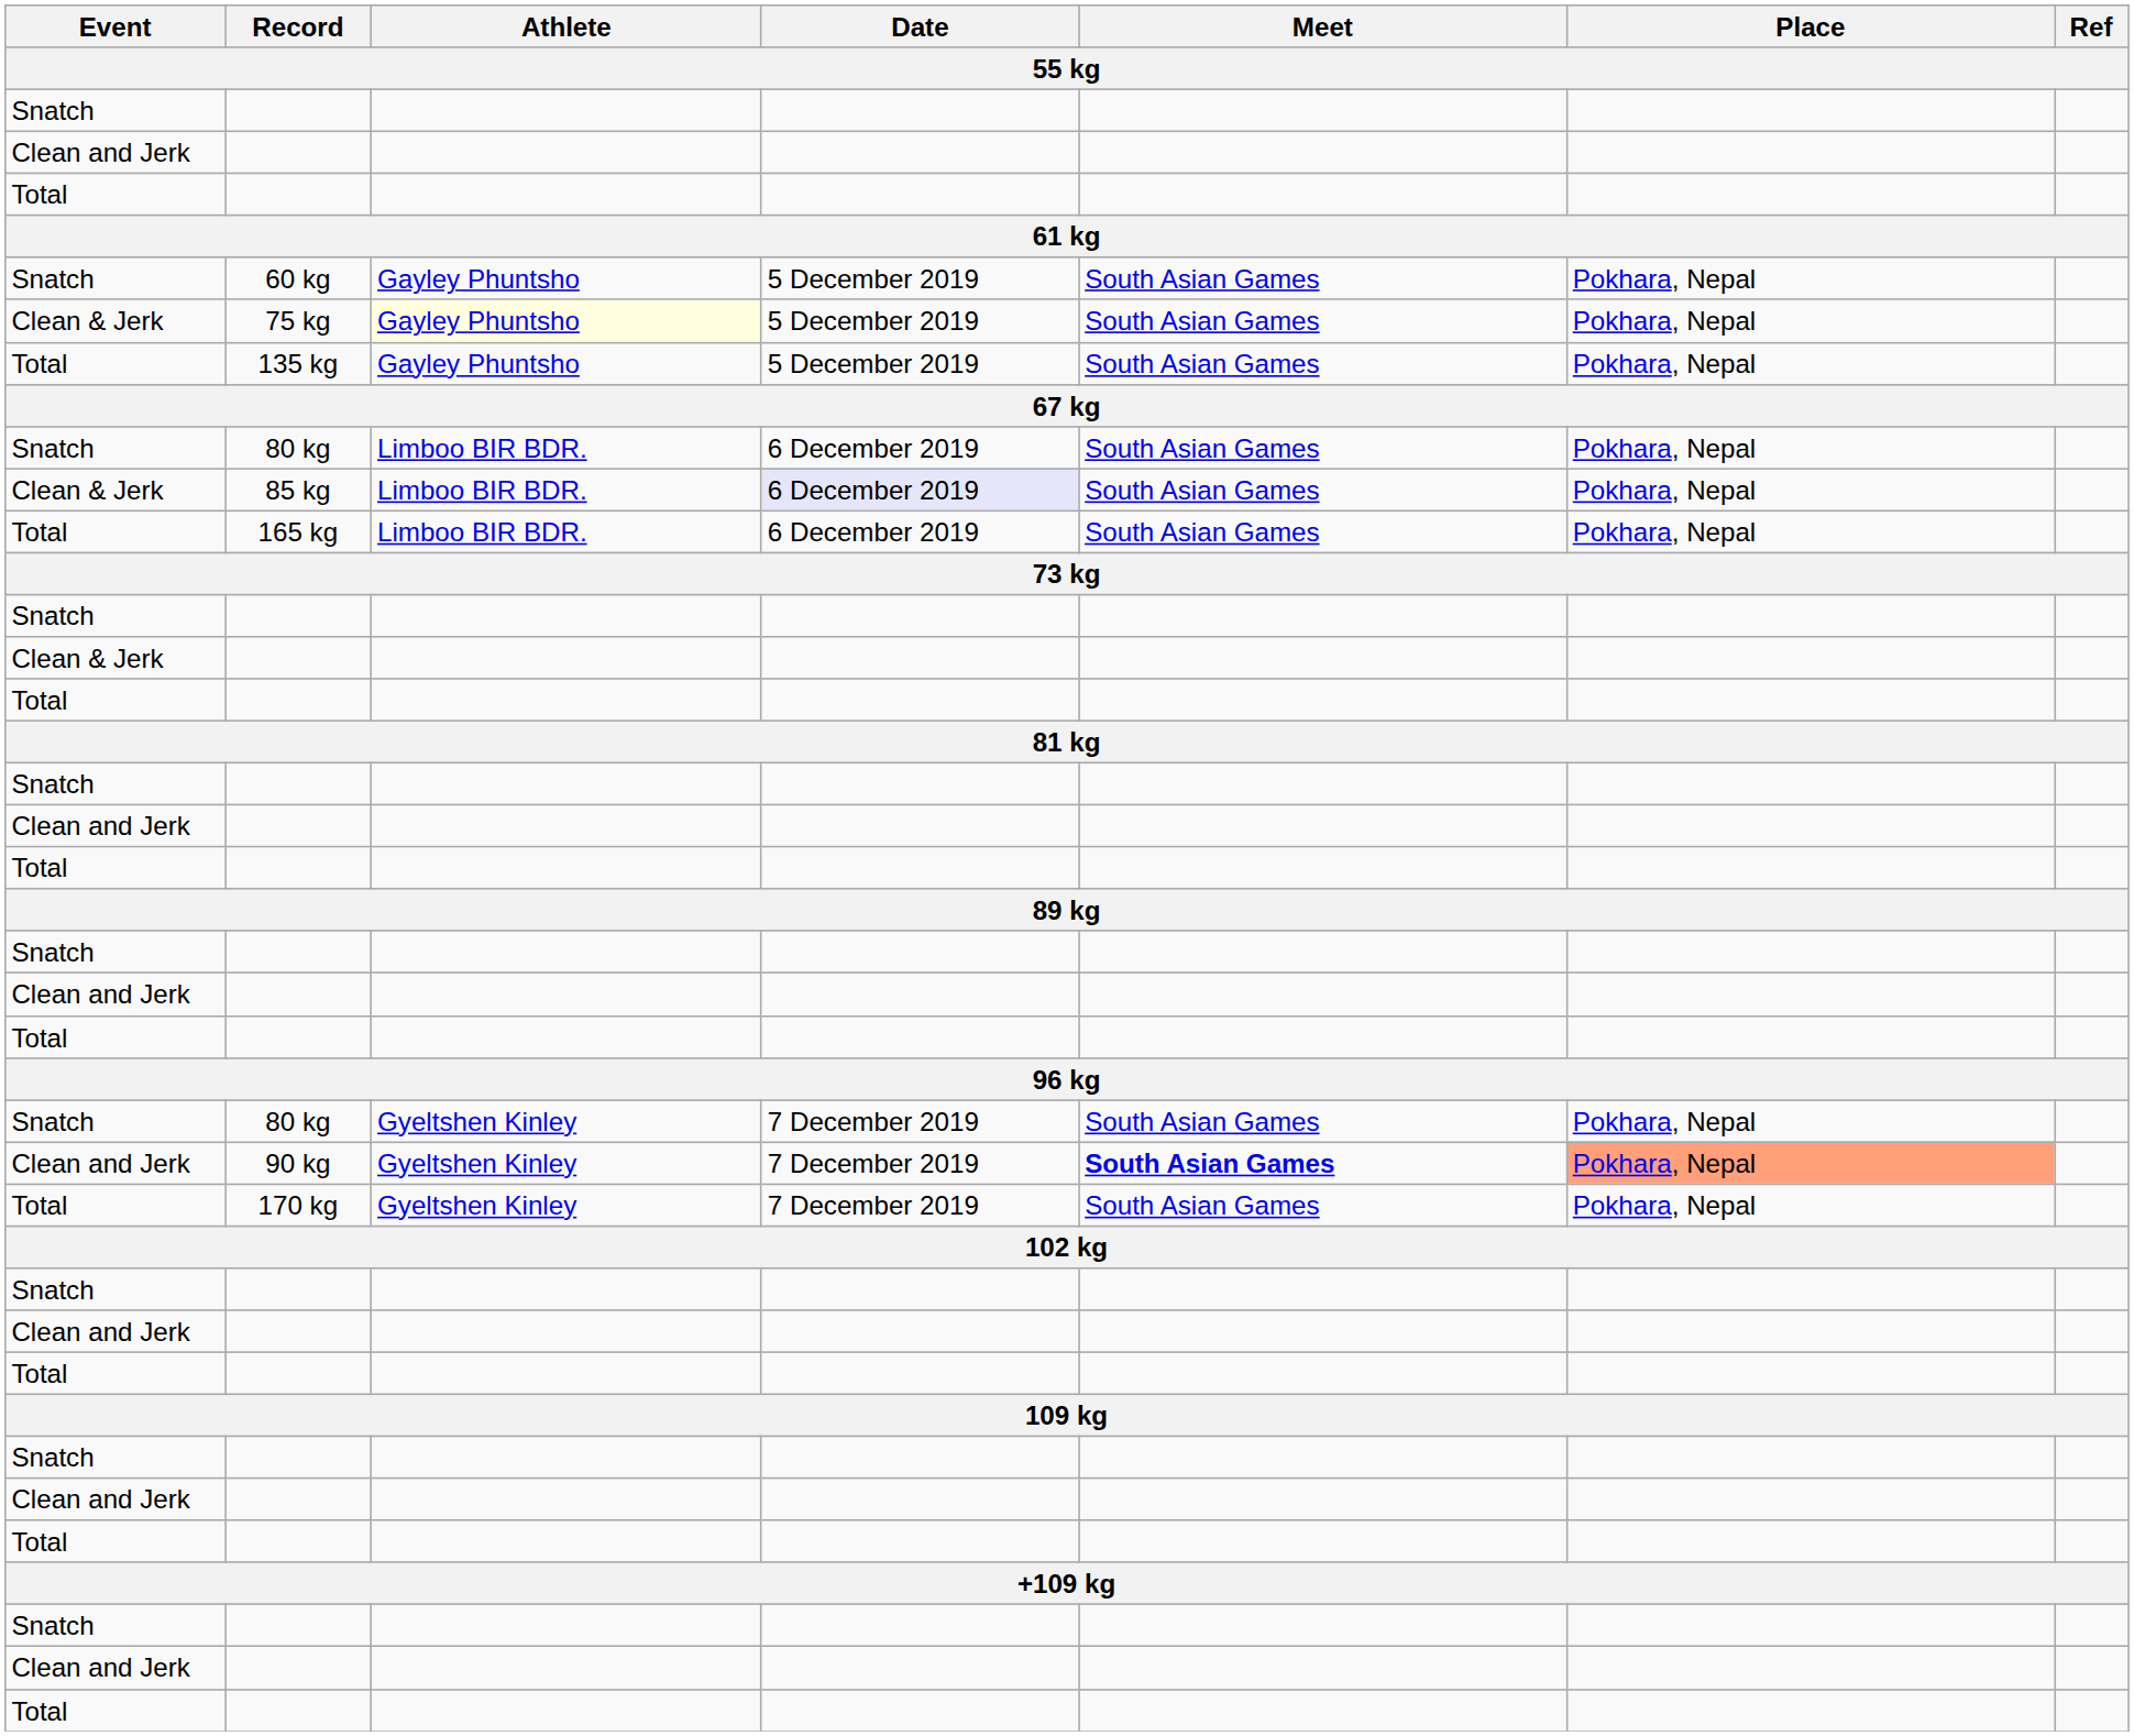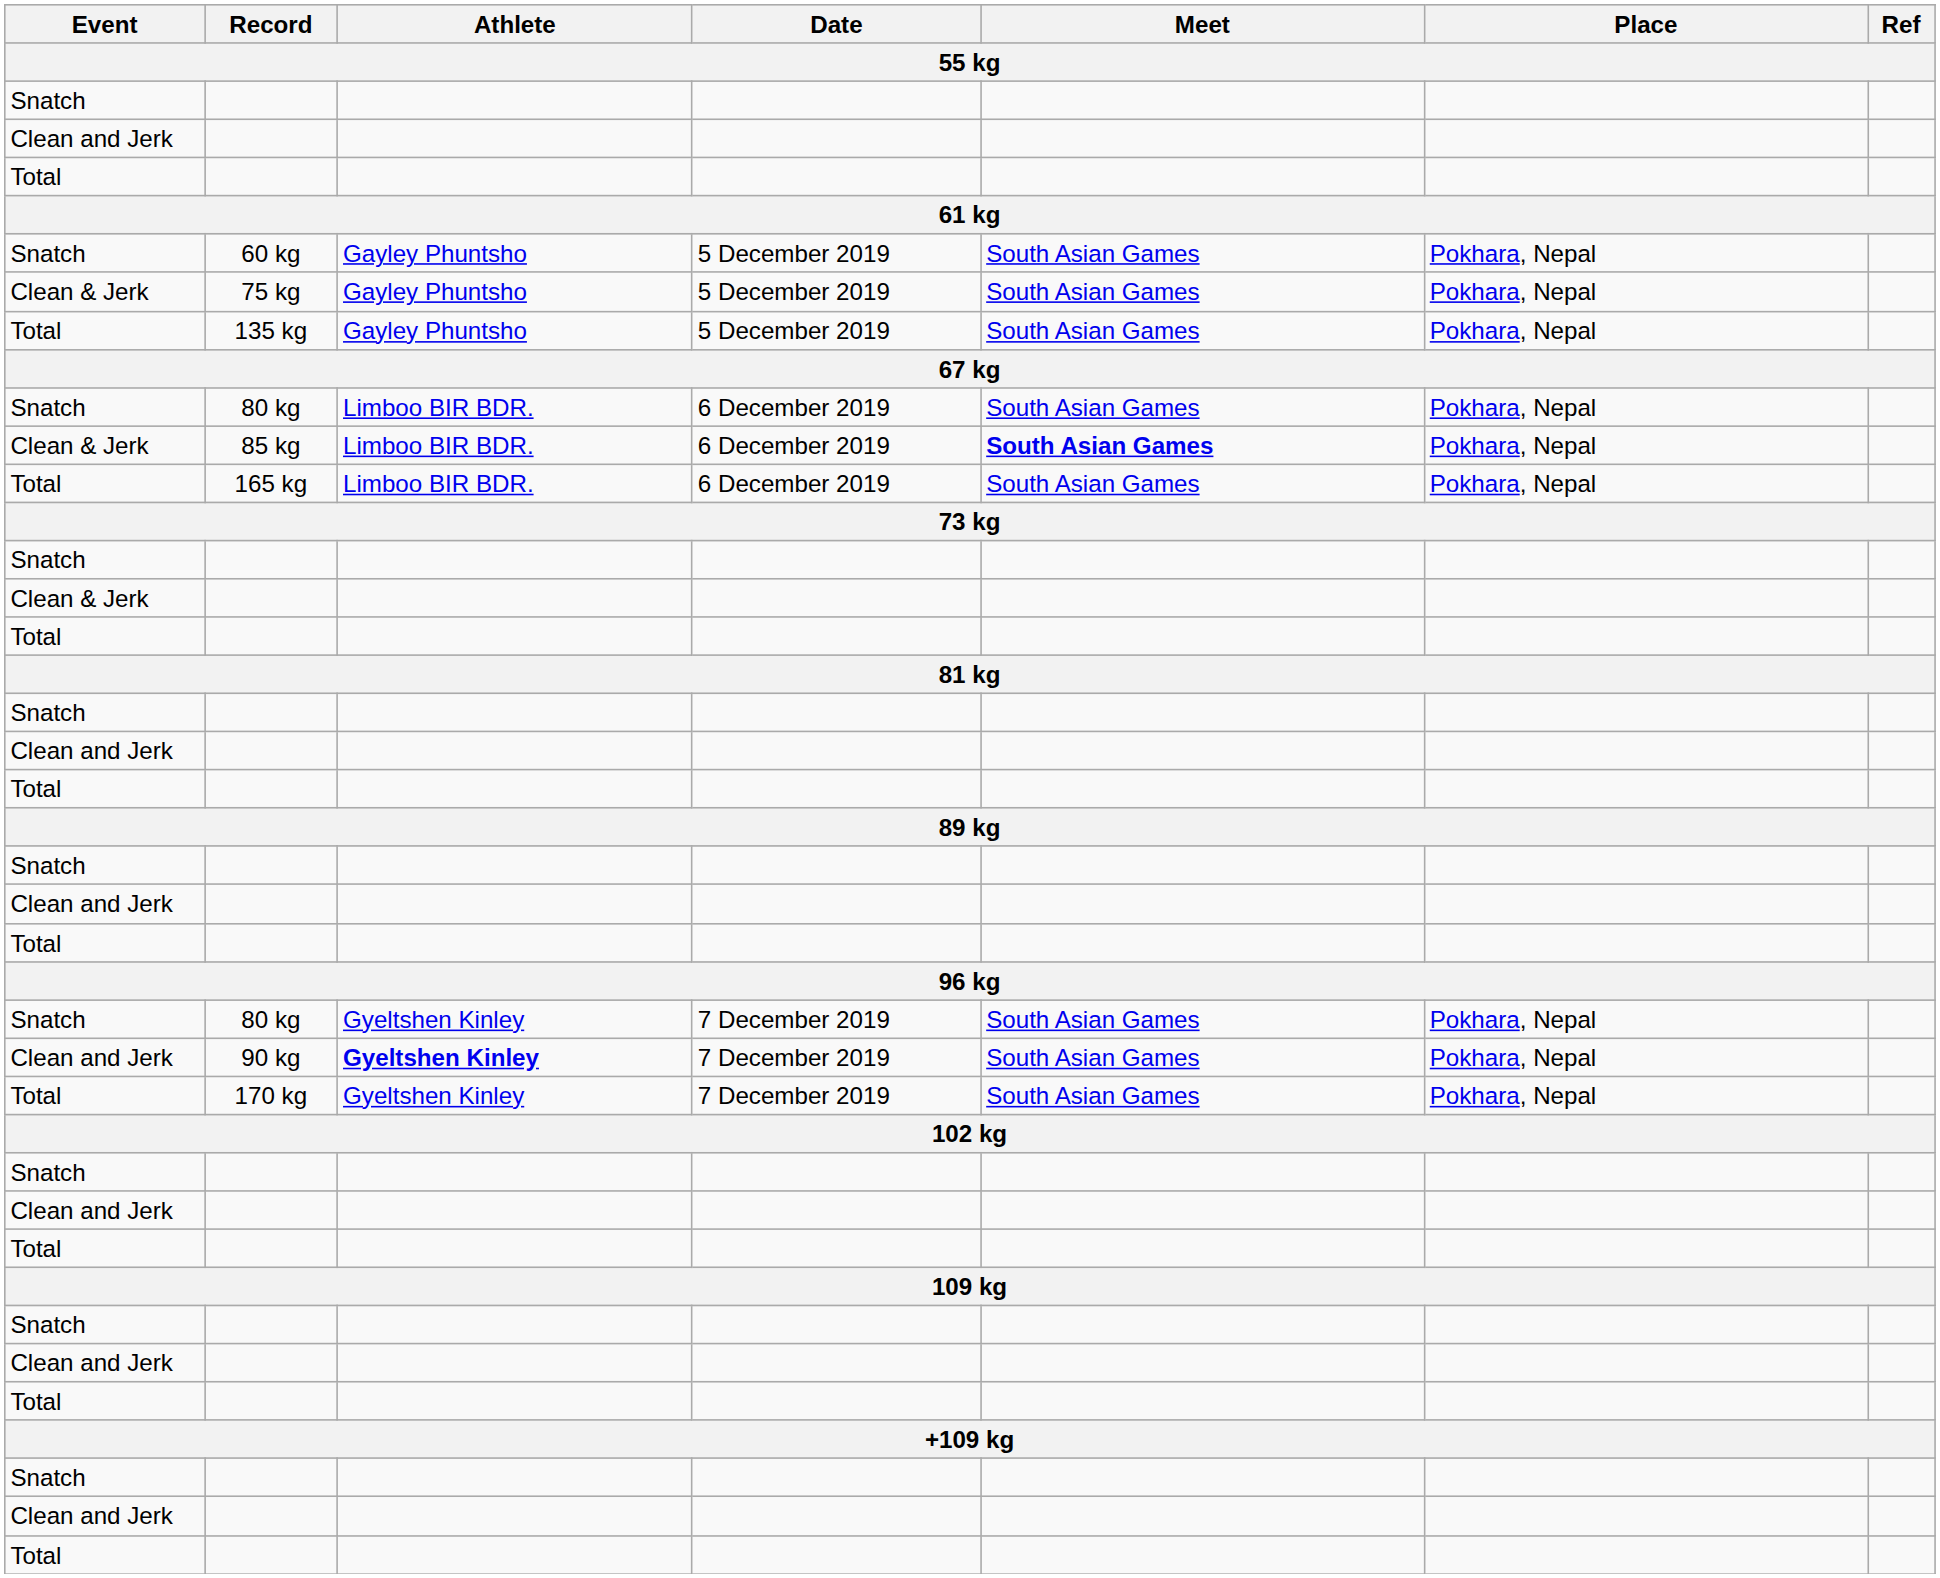 <table class="wikitable" style="font-size:95%;">
 <tr>
 <th width=9%>Event</th>
 <th width=6%>Record</th>
 <th width=16%>Athlete</th>
 <th width=13%>Date</th>
 <th width=20%>Meet</th>
 <th width=20%>Place</th>
 <th width=3%>Ref</th>
 </tr>
 <tr bgcolor="#DDDDDD">
 <th colspan="7">55 kg</th>
 </tr>
 <tr>
 <td>Snatch</td>
 <td align="center"></td>
 <td></td>
 <td></td>
 <td></td>
 <td></td>
 <td></td>
 </tr>
 <tr>
 <td>Clean and Jerk</td>
 <td align="center"></td>
 <td></td>
 <td></td>
 <td></td>
 <td></td>
 <td></td>
 </tr>
 <tr>
 <td>Total</td>
 <td align="center"></td>
 <td></td>
 <td></td>
 <td></td>
 <td></td>
 <td></td>
 </tr>
 <tr bgcolor="#DDDDDD">
 <th colspan="7">61 kg</th>
 </tr>
 <tr>
 <td>Snatch</td>
 <td align="center">60 kg</td>
 <td><a href='#'>Gayley Phuntsho</a></td>
 <td>5 December 2019</td>
 <td><a href='#'>South Asian Games</a></td>
 <td><a href='#'>Pokhara</a>, Nepal</td>
 <td></td>
 </tr>
 <tr>
 <td>Clean & Jerk</td>
 <td align="center">75 kg</td>
-<td style="background: lightyellow;"><a href='#'>Gayley Phuntsho</a></td>
+<td><a href='#'>Gayley Phuntsho</a></td>
 <td>5 December 2019</td>
 <td><a href='#'>South Asian Games</a></td>
 <td><a href='#'>Pokhara</a>, Nepal</td>
 <td></td>
 </tr>
 <tr>
 <td>Total</td>
 <td align="center">135 kg</td>
 <td><a href='#'>Gayley Phuntsho</a></td>
 <td>5 December 2019</td>
 <td><a href='#'>South Asian Games</a></td>
 <td><a href='#'>Pokhara</a>, Nepal</td>
 <td></td>
 </tr>
 <tr bgcolor="#DDDDDD">
 <th colspan="7">67 kg</th>
 </tr>
 <tr>
 <td>Snatch</td>
 <td align="center">80 kg</td>
 <td><a href='#'>Limboo BIR BDR.</a></td>
 <td>6 December 2019</td>
 <td><a href='#'>South Asian Games</a></td>
 <td><a href='#'>Pokhara</a>, Nepal</td>
 <td></td>
 </tr>
 <tr>
 <td>Clean & Jerk</td>
 <td align="center">85 kg</td>
 <td><a href='#'>Limboo BIR BDR.</a></td>
-<td style="background: lavender;">6 December 2019</td>
-<td><a href='#'>South Asian Games</a></td>
+<td>6 December 2019</td>
+<td><strong><a href='#'>South Asian Games</a></strong></td>
 <td><a href='#'>Pokhara</a>, Nepal</td>
 <td></td>
 </tr>
 <tr>
 <td>Total</td>
 <td align="center">165 kg</td>
 <td><a href='#'>Limboo BIR BDR.</a></td>
 <td>6 December 2019</td>
 <td><a href='#'>South Asian Games</a></td>
 <td><a href='#'>Pokhara</a>, Nepal</td>
 <td></td>
 </tr>
 <tr bgcolor="#DDDDDD">
 <th colspan="7">73 kg</th>
 </tr>
 <tr>
 <td>Snatch</td>
 <td align="center"></td>
 <td></td>
 <td></td>
 <td></td>
 <td></td>
 <td></td>
 </tr>
 <tr>
 <td>Clean & Jerk</td>
 <td align="center"></td>
 <td></td>
 <td></td>
 <td></td>
 <td></td>
 <td></td>
 </tr>
 <tr>
 <td>Total</td>
 <td align="center"></td>
 <td></td>
 <td></td>
 <td></td>
 <td></td>
 <td></td>
 </tr>
 <tr bgcolor="#DDDDDD">
 <th colspan="7">81 kg</th>
 </tr>
 <tr>
 <td>Snatch</td>
 <td align="center"></td>
 <td></td>
 <td></td>
 <td></td>
 <td></td>
 <td></td>
 </tr>
 <tr>
 <td>Clean and Jerk</td>
 <td align="center"></td>
 <td></td>
 <td></td>
 <td></td>
 <td></td>
 <td></td>
 </tr>
 <tr>
 <td>Total</td>
 <td align="center"></td>
 <td></td>
 <td></td>
 <td></td>
 <td></td>
 <td></td>
 </tr>
 <tr bgcolor="#DDDDDD">
 <th colspan="7">89 kg</th>
 </tr>
 <tr>
 <td>Snatch</td>
 <td align="center"></td>
 <td></td>
 <td></td>
 <td></td>
 <td></td>
 <td></td>
 </tr>
 <tr>
 <td>Clean and Jerk</td>
 <td align="center"></td>
 <td></td>
 <td></td>
 <td></td>
 <td></td>
 <td></td>
 </tr>
 <tr>
 <td>Total</td>
 <td align="center"></td>
 <td></td>
 <td></td>
 <td></td>
 <td></td>
 <td></td>
 </tr>
 <tr bgcolor="#DDDDDD">
 <th colspan="7">96 kg</th>
 </tr>
 <tr>
 <td>Snatch</td>
 <td align="center">80 kg</td>
 <td><a href='#'>Gyeltshen Kinley</a></td>
 <td>7 December 2019</td>
 <td><a href='#'>South Asian Games</a></td>
 <td><a href='#'>Pokhara</a>, Nepal</td>
 <td></td>
 </tr>
 <tr>
 <td>Clean and Jerk</td>
 <td align="center">90 kg</td>
-<td><a href='#'>Gyeltshen Kinley</a></td>
+<td><strong><a href='#'>Gyeltshen Kinley</a></strong></td>
 <td>7 December 2019</td>
-<td><strong><a href='#'>South Asian Games</a></strong></td>
-<td style="background: lightsalmon;"><a href='#'>Pokhara</a>, Nepal</td>
+<td><a href='#'>South Asian Games</a></td>
+<td><a href='#'>Pokhara</a>, Nepal</td>
 <td></td>
 </tr>
 <tr>
 <td>Total</td>
 <td align="center">170 kg</td>
 <td><a href='#'>Gyeltshen Kinley</a></td>
 <td>7 December 2019</td>
 <td><a href='#'>South Asian Games</a></td>
 <td><a href='#'>Pokhara</a>, Nepal</td>
 <td></td>
 </tr>
 <tr bgcolor="#DDDDDD">
 <th colspan="7">102 kg</th>
 </tr>
 <tr>
 <td>Snatch</td>
 <td align="center"></td>
 <td></td>
 <td></td>
 <td></td>
 <td></td>
 <td></td>
 </tr>
 <tr>
 <td>Clean and Jerk</td>
 <td align="center"></td>
 <td></td>
 <td></td>
 <td></td>
 <td></td>
 <td></td>
 </tr>
 <tr>
 <td>Total</td>
 <td align="center"></td>
 <td></td>
 <td></td>
 <td></td>
 <td></td>
 <td></td>
 </tr>
 <tr bgcolor="#DDDDDD">
 <th colspan="7">109 kg</th>
 </tr>
 <tr>
 <td>Snatch</td>
 <td align="center"></td>
 <td></td>
 <td></td>
 <td></td>
 <td></td>
 <td></td>
 </tr>
 <tr>
 <td>Clean and Jerk</td>
 <td align="center"></td>
 <td></td>
 <td></td>
 <td></td>
 <td></td>
 <td></td>
 </tr>
 <tr>
 <td>Total</td>
 <td align="center"></td>
 <td></td>
 <td></td>
 <td></td>
 <td></td>
 <td></td>
 </tr>
 <tr bgcolor="#DDDDDD">
 <th colspan="7">+109 kg</th>
 </tr>
 <tr>
 <td>Snatch</td>
 <td align="center"></td>
 <td></td>
 <td></td>
 <td></td>
 <td></td>
 <td></td>
 </tr>
 <tr>
 <td>Clean and Jerk</td>
 <td align="center"></td>
 <td></td>
 <td></td>
 <td></td>
 <td></td>
 <td></td>
 </tr>
 <tr>
 <td>Total</td>
 <td align="center"></td>
 <td></td>
 <td></td>
 <td></td>
 <td></td>
 <td></td>
 </tr>
 </table>
